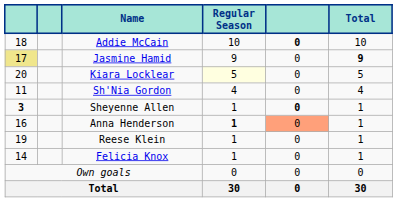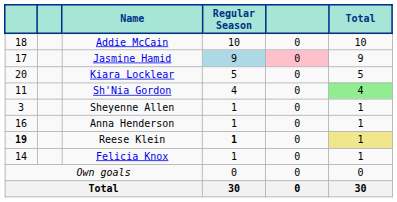 <table class="wikitable sortable" style="text-align:center;">
 <tr>
 <th style="background:#A7E6D7; color:#003087; border:2px solid #003087; width:35px;" scope="col"></th>
 <th style="background:#A7E6D7; color:#003087; border:2px solid #003087; width:25px;" scope="col"></th>
 <th style="background:#A7E6D7; color:#003087; border:2px solid #003087; width:175px;" scope="col">Name</th>
 <th style="background:#A7E6D7; color:#003087; border:2px solid #003087; width:75px;" scope="col">Regular Season</th>
 <th style="background:#A7E6D7; color:#003087; border:2px solid #003087; width:75px;" scope="col"></th>
 <th style="background:#A7E6D7; color:#003087; border:2px solid #003087; width:75px;" scope="col">Total</th>
 </tr>
 <tr>
 <td>18</td>
 <td></td>
 <td><a href='#'>Addie McCain</a></td>
 <td>10</td>
-<td><strong>0</strong></td>
+<td>0</td>
 <td>10</td>
 </tr>
 <tr>
-<td style="background: khaki;">17</td>
+<td>17</td>
 <td></td>
 <td><a href='#'>Jasmine Hamid</a></td>
+<td style="background: lightblue;">9</td>
+<td style="background: pink;">0</td>
 <td>9</td>
-<td>0</td>
-<td><strong>9</strong></td>
 </tr>
 <tr>
 <td>20</td>
 <td></td>
 <td><a href='#'>Kiara Locklear</a></td>
-<td style="background: lightyellow;">5</td>
+<td>5</td>
 <td>0</td>
 <td>5</td>
 </tr>
 <tr>
 <td>11</td>
 <td></td>
 <td><a href='#'>Sh'Nia Gordon</a></td>
 <td>4</td>
 <td>0</td>
-<td>4</td>
+<td style="background: lightgreen;">4</td>
 </tr>
 <tr>
-<td><strong>3</strong></td>
+<td>3</td>
 <td></td>
 <td>Sheyenne Allen</td>
 <td>1</td>
-<td><strong>0</strong></td>
+<td>0</td>
 <td>1</td>
 </tr>
 <tr>
 <td>16</td>
 <td></td>
 <td>Anna Henderson</td>
-<td><strong>1</strong></td>
-<td style="background: lightsalmon;">0</td>
+<td>1</td>
+<td>0</td>
 <td>1</td>
 </tr>
 <tr>
-<td>19</td>
+<td><strong>19</strong></td>
 <td></td>
 <td>Reese Klein</td>
-<td>1</td>
+<td><strong>1</strong></td>
 <td>0</td>
-<td>1</td>
+<td style="background: khaki;">1</td>
 </tr>
 <tr>
 <td>14</td>
 <td></td>
 <td><a href='#'>Felicia Knox</a></td>
 <td>1</td>
 <td>0</td>
 <td>1</td>
 </tr>
 <tr>
 <td colspan="3"><em>Own goals</em></td>
 <td>0</td>
 <td>0</td>
 <td>0</td>
 </tr>
 <tr>
 <th colspan="3">Total</th>
 <th>30</th>
 <th>0</th>
 <th>30</th>
 </tr>
 </table>
